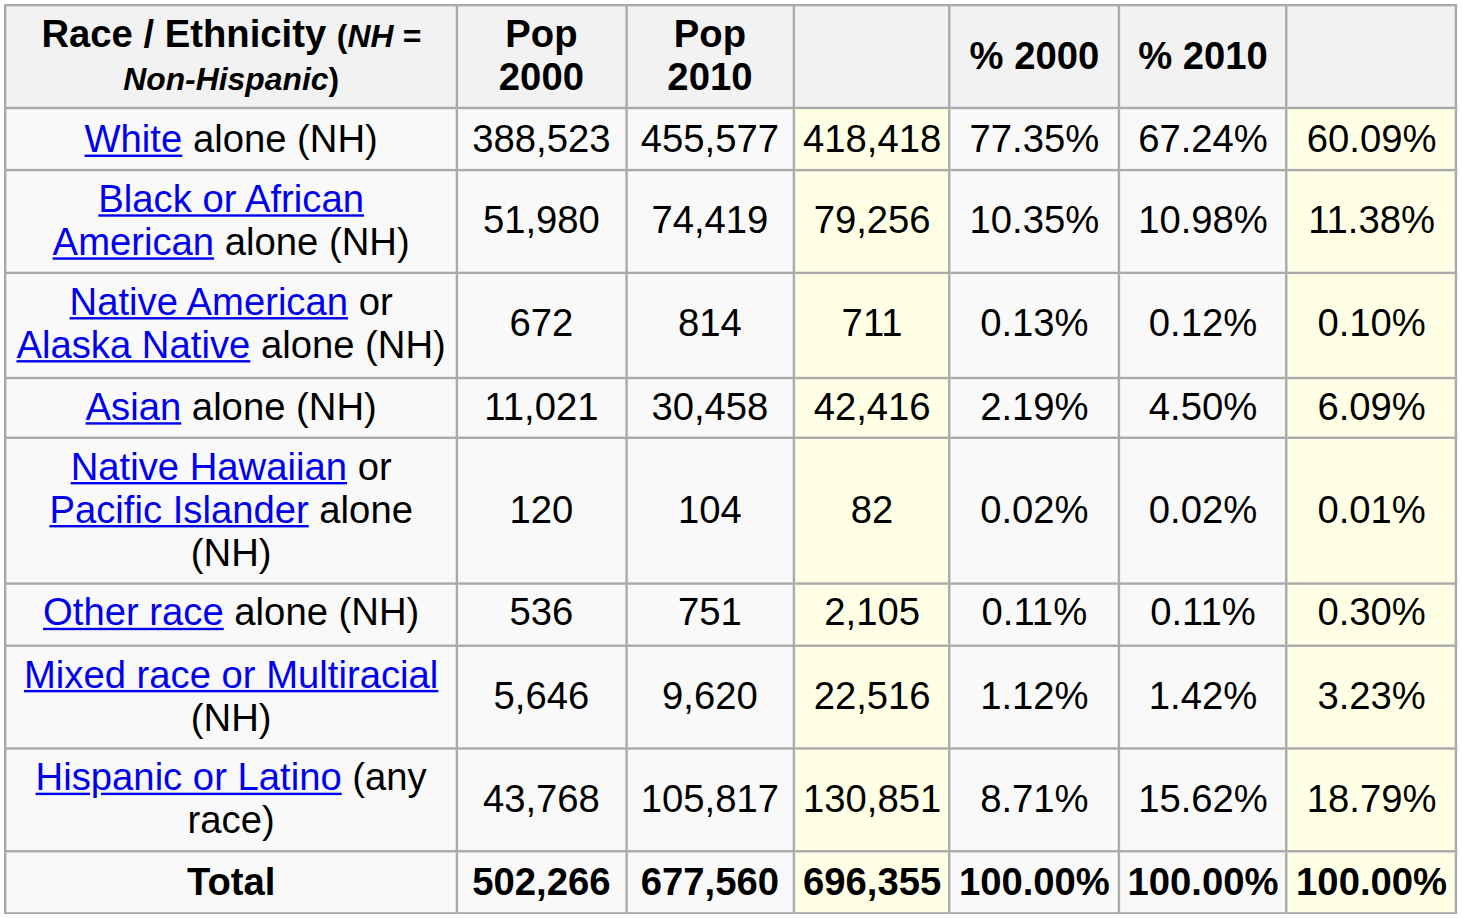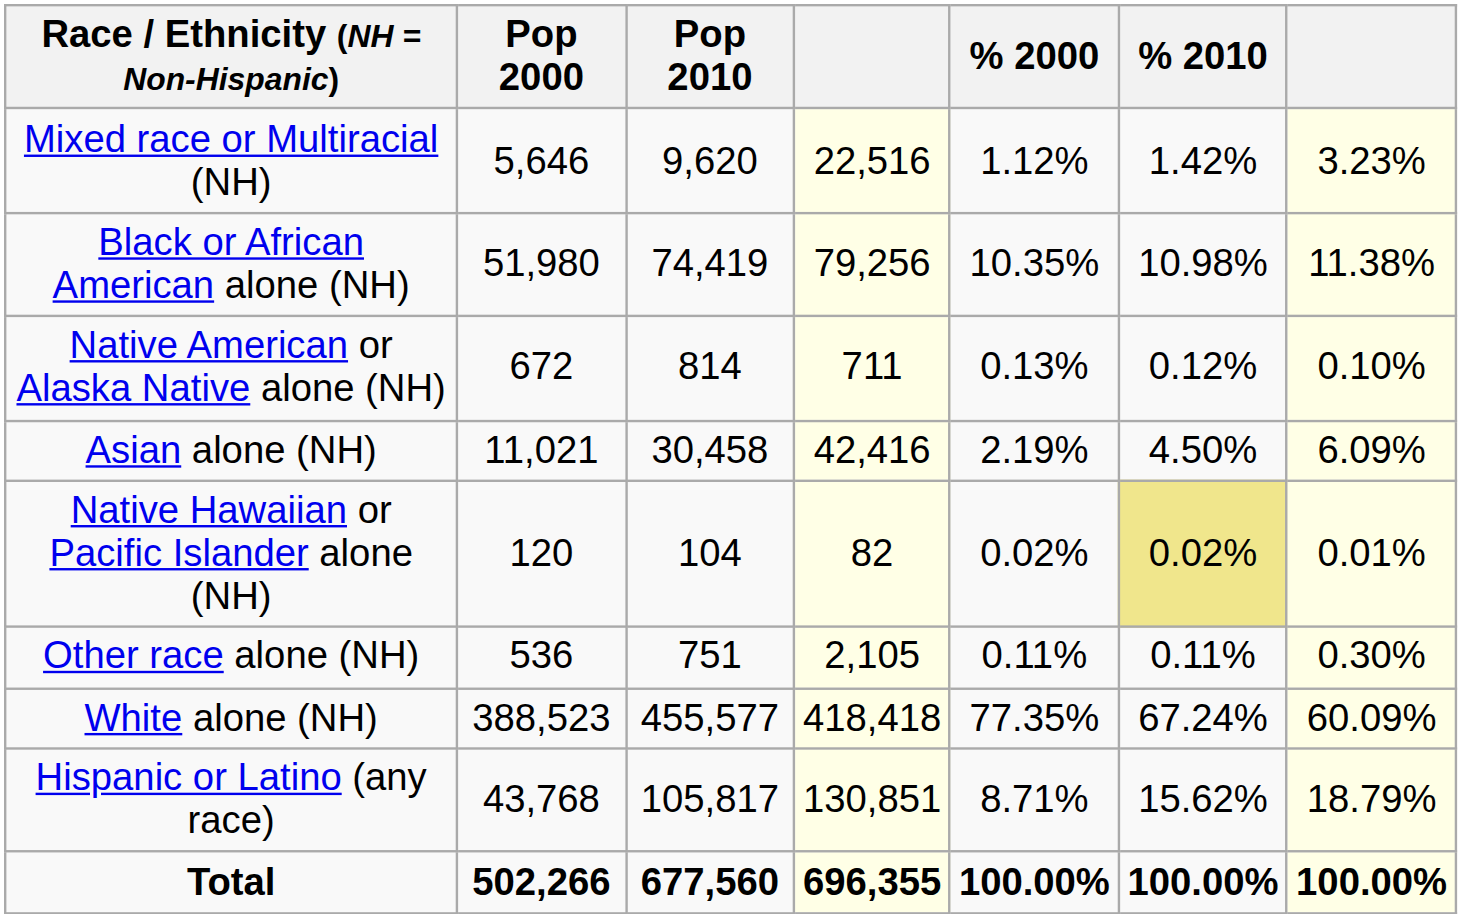 <table class="wikitable"  style="text-align:center;">
 <tr>
 <th>Race / Ethnicity <small>(<em>NH = Non-Hispanic</em>)</small></th>
 <th>Pop 2000</th>
 <th>Pop 2010</th>
 <th></th>
 <th>% 2000</th>
 <th>% 2010</th>
 <th></th>
 </tr>
 <tr>
-<td><a href='#'>White</a> alone (NH)</td>
-<td>388,523</td>
-<td>455,577</td>
-<td style='background: #ffffe6;'>418,418</td>
-<td>77.35%</td>
-<td>67.24%</td>
-<td style='background: #ffffe6;'>60.09%</td>
+<td><a href='#'>Mixed race or Multiracial</a> (NH)</td>
+<td>5,646</td>
+<td>9,620</td>
+<td style='background: #ffffe6;'>22,516</td>
+<td>1.12%</td>
+<td>1.42%</td>
+<td style='background: #ffffe6;'>3.23%</td>
 </tr>
 <tr>
 <td><a href='#'>Black or African American</a> alone (NH)</td>
 <td>51,980</td>
 <td>74,419</td>
 <td style='background: #ffffe6;'>79,256</td>
 <td>10.35%</td>
 <td>10.98%</td>
 <td style='background: #ffffe6;'>11.38%</td>
 </tr>
 <tr>
 <td><a href='#'>Native American</a> or <a href='#'>Alaska Native</a> alone (NH)</td>
 <td>672</td>
 <td>814</td>
 <td style='background: #ffffe6;'>711</td>
 <td>0.13%</td>
 <td>0.12%</td>
 <td style='background: #ffffe6;'>0.10%</td>
 </tr>
 <tr>
 <td><a href='#'>Asian</a> alone (NH)</td>
 <td>11,021</td>
 <td>30,458</td>
 <td style='background: #ffffe6;'>42,416</td>
 <td>2.19%</td>
 <td>4.50%</td>
 <td style='background: #ffffe6;'>6.09%</td>
 </tr>
 <tr>
 <td><a href='#'>Native Hawaiian</a> or <a href='#'>Pacific Islander</a> alone (NH)</td>
 <td>120</td>
 <td>104</td>
 <td style='background: #ffffe6;'>82</td>
 <td>0.02%</td>
-<td>0.02%</td>
+<td style="background: khaki;">0.02%</td>
 <td style='background: #ffffe6;'>0.01%</td>
 </tr>
 <tr>
 <td><a href='#'>Other race</a> alone (NH)</td>
 <td>536</td>
 <td>751</td>
 <td style='background: #ffffe6;'>2,105</td>
 <td>0.11%</td>
 <td>0.11%</td>
 <td style='background: #ffffe6;'>0.30%</td>
 </tr>
 <tr>
-<td><a href='#'>Mixed race or Multiracial</a> (NH)</td>
-<td>5,646</td>
-<td>9,620</td>
-<td style='background: #ffffe6;'>22,516</td>
-<td>1.12%</td>
-<td>1.42%</td>
-<td style='background: #ffffe6;'>3.23%</td>
+<td><a href='#'>White</a> alone (NH)</td>
+<td>388,523</td>
+<td>455,577</td>
+<td style='background: #ffffe6;'>418,418</td>
+<td>77.35%</td>
+<td>67.24%</td>
+<td style='background: #ffffe6;'>60.09%</td>
 </tr>
 <tr>
 <td><a href='#'>Hispanic or Latino</a> (any race)</td>
 <td>43,768</td>
 <td>105,817</td>
 <td style='background: #ffffe6;'>130,851</td>
 <td>8.71%</td>
 <td>15.62%</td>
 <td style='background: #ffffe6;'>18.79%</td>
 </tr>
 <tr>
 <td><strong>Total</strong></td>
 <td><strong>502,266</strong></td>
 <td><strong>677,560</strong></td>
 <td style='background: #ffffe6;'><strong>696,355</strong></td>
 <td><strong>100.00%</strong></td>
 <td><strong>100.00%</strong></td>
 <td style='background: #ffffe6;'><strong>100.00%</strong></td>
 </tr>
 </table>
